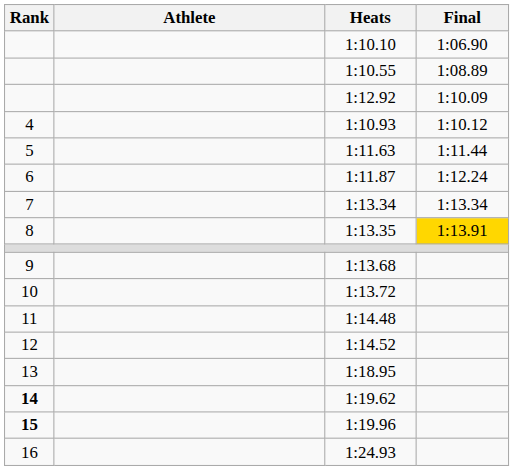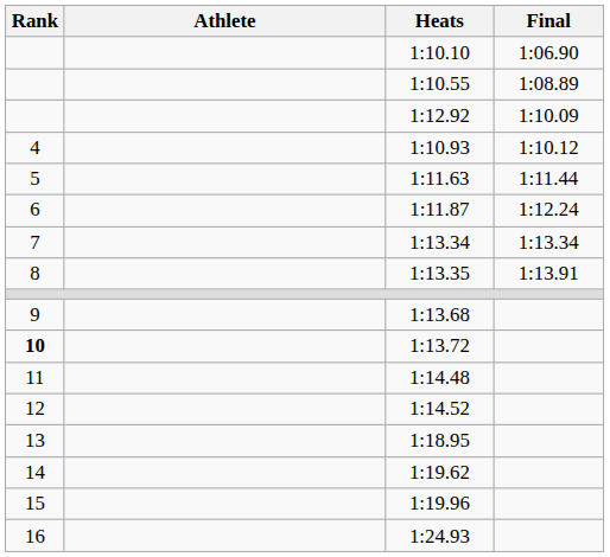 <table class=wikitable style="text-align:center">
 <tr>
 <th width=40>Rank</th>
 <th width=250>Athlete</th>
 <th width=80>Heats</th>
 <th width=80>Final</th>
 </tr>
 <tr>
 <td></td>
 <td align=left></td>
 <td>1:10.10</td>
 <td>1:06.90</td>
 </tr>
 <tr>
 <td></td>
 <td align=left></td>
 <td>1:10.55</td>
 <td>1:08.89</td>
 </tr>
 <tr>
 <td></td>
 <td align=left></td>
 <td>1:12.92</td>
 <td>1:10.09</td>
 </tr>
 <tr>
 <td>4</td>
 <td align=left></td>
 <td>1:10.93</td>
 <td>1:10.12</td>
 </tr>
 <tr>
 <td>5</td>
 <td align=left></td>
 <td>1:11.63</td>
 <td>1:11.44</td>
 </tr>
 <tr>
 <td>6</td>
 <td align=left></td>
 <td>1:11.87</td>
 <td>1:12.24</td>
 </tr>
 <tr>
 <td>7</td>
 <td align=left></td>
 <td>1:13.34</td>
 <td>1:13.34</td>
 </tr>
 <tr>
 <td>8</td>
 <td align=left></td>
 <td>1:13.35</td>
-<td style="background: gold;">1:13.91</td>
+<td>1:13.91</td>
 </tr>
 <tr bgcolor=#DDDDDD>
 <td colspan=4></td>
 </tr>
 <tr>
 <td>9</td>
 <td align=left></td>
 <td>1:13.68</td>
 <td></td>
 </tr>
 <tr>
-<td>10</td>
+<td><strong>10</strong></td>
 <td align=left></td>
 <td>1:13.72</td>
 <td></td>
 </tr>
 <tr>
 <td>11</td>
 <td align=left></td>
 <td>1:14.48</td>
 <td></td>
 </tr>
 <tr>
 <td>12</td>
 <td align=left></td>
 <td>1:14.52</td>
 <td></td>
 </tr>
 <tr>
 <td>13</td>
 <td align=left></td>
 <td>1:18.95</td>
 <td></td>
 </tr>
 <tr>
-<td><strong>14</strong></td>
+<td>14</td>
 <td align=left></td>
 <td>1:19.62</td>
 <td></td>
 </tr>
 <tr>
-<td><strong>15</strong></td>
+<td>15</td>
 <td align=left></td>
 <td>1:19.96</td>
 <td></td>
 </tr>
 <tr>
 <td>16</td>
 <td align=left></td>
 <td>1:24.93</td>
 <td></td>
 </tr>
 </table>
